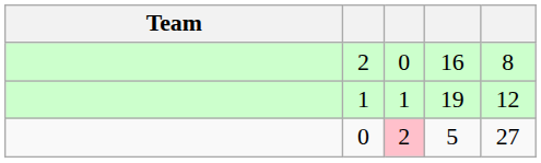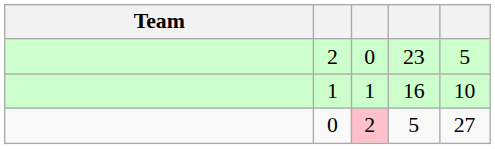 <table class="wikitable" style="text-align:center;">
 <tr>
 <th width=220>Team</th>
 <th width=20></th>
 <th width=20></th>
 <th width=30></th>
 <th width=30></th>
 </tr>
 <tr bgcolor="#ccffcc">
 <td align=left></td>
 <td>2</td>
 <td>0</td>
-<td>16</td>
-<td>8</td>
+<td>23</td>
+<td>5</td>
 </tr>
 <tr bgcolor="#ccffcc">
 <td align=left></td>
 <td>1</td>
 <td>1</td>
-<td>19</td>
-<td>12</td>
+<td>16</td>
+<td>10</td>
 </tr>
 <tr>
 <td align=left></td>
 <td>0</td>
 <td style="background: pink;">2</td>
 <td>5</td>
 <td>27</td>
 </tr>
 </table>
